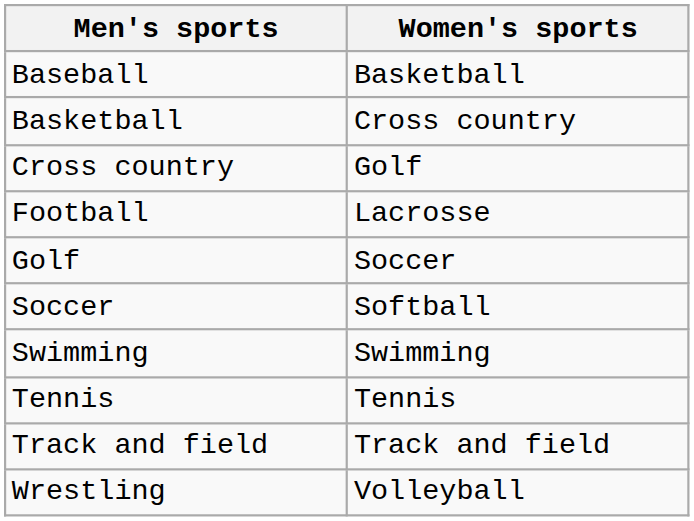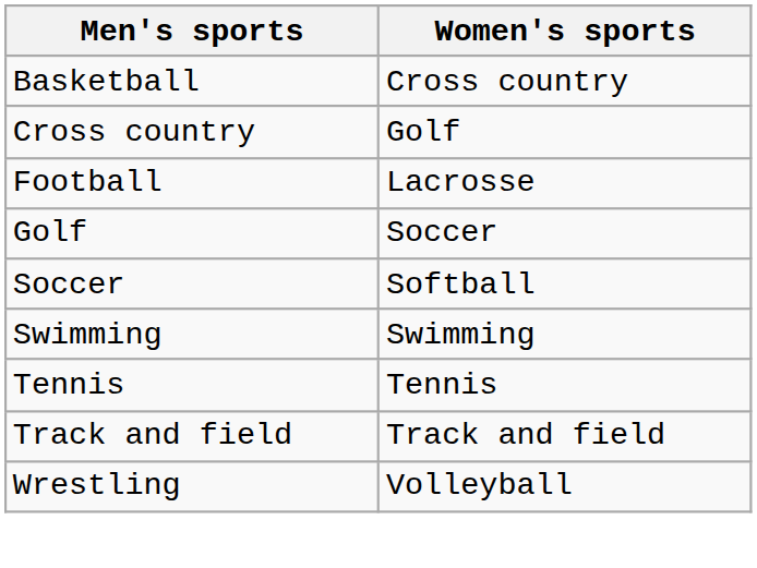 <table class="wikitable"; style= "text-align: ">
 <tr>
 <th width=150px>Men's sports</th>
 <th width=150px>Women's sports</th>
-</tr>
-<tr>
-<td>Baseball</td>
-<td>Basketball</td>
 </tr>
 <tr>
 <td>Basketball</td>
 <td>Cross country</td>
 </tr>
 <tr>
 <td>Cross country</td>
 <td>Golf</td>
 </tr>
 <tr>
 <td>Football</td>
 <td>Lacrosse</td>
 </tr>
 <tr>
 <td>Golf</td>
 <td>Soccer</td>
 </tr>
 <tr>
 <td>Soccer</td>
 <td>Softball</td>
 </tr>
 <tr>
 <td>Swimming</td>
 <td>Swimming</td>
 </tr>
 <tr>
 <td>Tennis</td>
 <td>Tennis</td>
 </tr>
 <tr>
 <td>Track and field</td>
 <td>Track and field</td>
 </tr>
 <tr>
 <td>Wrestling</td>
 <td>Volleyball</td>
 </tr>
 </table>
